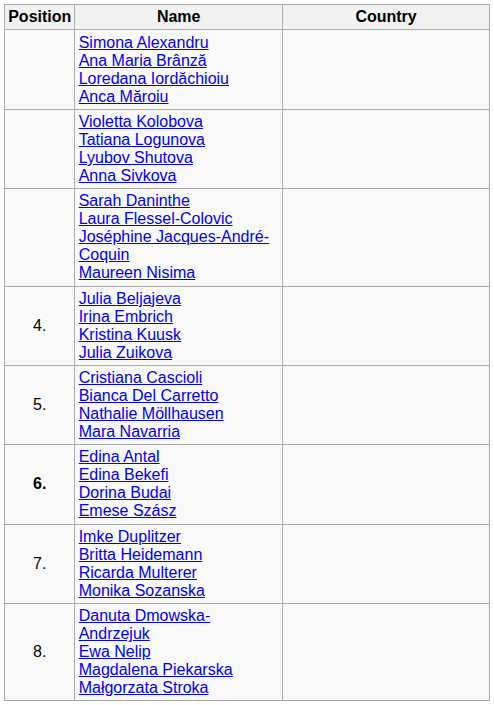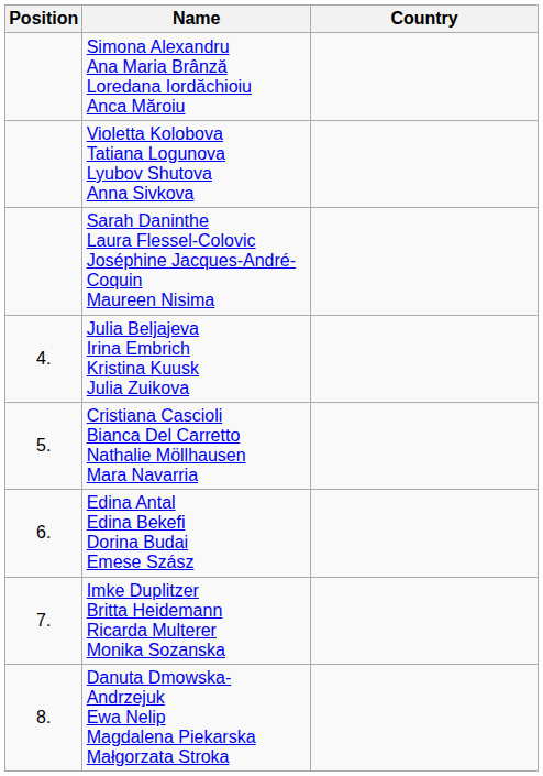 <table class="wikitable">
 <tr>
 <th width="20">Position</th>
 <th width="200">Name</th>
 <th width="200">Country</th>
 </tr>
 <tr>
 </tr>
 <tr>
 <td align="center"></td>
 <td><a href='#'>Simona Alexandru</a><br><a href='#'>Ana Maria Brânză</a><br><a href='#'>Loredana Iordăchioiu</a><br><a href='#'>Anca Măroiu</a></td>
 <td></td>
 </tr>
 <tr>
 <td align="center"></td>
 <td><a href='#'>Violetta Kolobova</a><br><a href='#'>Tatiana Logunova</a><br><a href='#'>Lyubov Shutova</a><br><a href='#'>Anna Sivkova</a></td>
 <td></td>
 </tr>
 <tr>
 <td align="center"></td>
 <td><a href='#'>Sarah Daninthe</a><br><a href='#'>Laura Flessel-Colovic</a><br><a href='#'>Joséphine Jacques-André-Coquin</a><br><a href='#'>Maureen Nisima</a></td>
 <td></td>
 </tr>
 <tr>
 <td align="center">4.</td>
 <td><a href='#'>Julia Beljajeva</a><br><a href='#'>Irina Embrich</a><br><a href='#'>Kristina Kuusk</a><br><a href='#'>Julia Zuikova</a></td>
 <td></td>
 </tr>
 <tr>
 <td align="center">5.</td>
 <td><a href='#'>Cristiana Cascioli</a><br><a href='#'>Bianca Del Carretto</a><br><a href='#'>Nathalie Möllhausen</a><br><a href='#'>Mara Navarria</a></td>
 <td></td>
 </tr>
 <tr>
-<td align="center"><strong>6.</strong></td>
+<td align="center">6.</td>
 <td><a href='#'>Edina Antal</a><br><a href='#'>Edina Bekefi</a><br><a href='#'>Dorina Budai</a><br><a href='#'>Emese Szász</a></td>
 <td></td>
 </tr>
 <tr>
 <td align="center">7.</td>
 <td><a href='#'>Imke Duplitzer</a><br><a href='#'>Britta Heidemann</a><br><a href='#'>Ricarda Multerer</a><br><a href='#'>Monika Sozanska</a></td>
 <td></td>
 </tr>
 <tr>
 <td align="center">8.</td>
 <td><a href='#'>Danuta Dmowska-Andrzejuk</a><br><a href='#'>Ewa Nelip</a><br><a href='#'>Magdalena Piekarska</a><br><a href='#'>Małgorzata Stroka</a></td>
 <td></td>
 </tr>
 <tr>
 </tr>
 </table>
